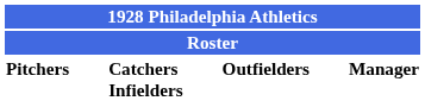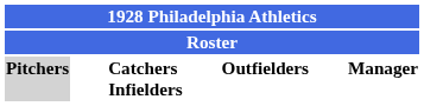 <table class="toccolours" style="font-size: 95%;">
 <tr>
 <th colspan="10" style="background-color: #4169e1; color: white ; text-align: center;">1928 Philadelphia Athletics</th>
 </tr>
 <tr>
 <td colspan="10" style="background-color: #4169e1; color: white; text-align: center;"><strong>Roster</strong></td>
 </tr>
 <tr>
-<td valign="top"><strong>Pitchers</strong><br>           </td>
+<td valign="top" style="background: lightgrey;"><strong>Pitchers</strong><br>           </td>
 <td width="25px"></td>
 <td valign="top"><strong>Catchers</strong><br>  <strong>Infielders</strong>         </td>
 <td width="25px"></td>
 <td valign="top"><strong>Outfielders</strong><br>     </td>
 <td width="25px"></td>
 <td valign="top"><strong>Manager</strong><br></td>
 </tr>
 </table>
